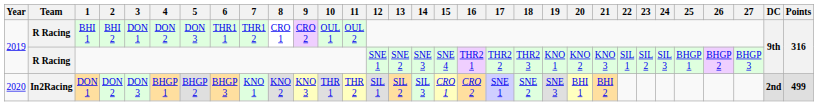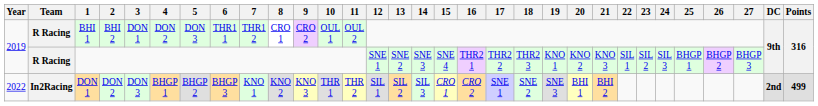 <table class="wikitable" style="text-align:center; font-size:85%">
 <tr>
 <th>Year</th>
 <th>Team</th>
 <th>1</th>
 <th>2</th>
 <th>3</th>
 <th>4</th>
 <th>5</th>
 <th>6</th>
 <th>7</th>
 <th>8</th>
 <th>9</th>
 <th>10</th>
 <th>11</th>
 <th>12</th>
 <th>13</th>
 <th>14</th>
 <th>15</th>
 <th>16</th>
 <th>17</th>
 <th>18</th>
 <th>19</th>
 <th>20</th>
 <th>21</th>
 <th>22</th>
 <th>23</th>
 <th>24</th>
 <th>25</th>
 <th>26</th>
 <th>27</th>
 <th>DC</th>
 <th>Points</th>
 </tr>
 <tr>
 <td rowspan=2><a href='#'>2019</a></td>
 <th nowrap>R Racing</th>
 <td style="background:#DFFFDF;"><a href='#'>BHI<br>1</a><br></td>
 <td style="background:#DFFFDF;"><a href='#'>BHI<br>2</a><br></td>
 <td style="background:#DFFFDF;"><a href='#'>DON<br>1</a><br></td>
 <td style="background:#DFFFDF;"><a href='#'>DON<br>2</a><br></td>
 <td style="background:#DFFFDF;"><a href='#'>DON<br>3</a><br></td>
 <td style="background:#DFFFDF"><a href='#'>THR1<br>1</a><br></td>
 <td style="background:#DFFFDF;"><a href='#'>THR1<br>2</a><br></td>
 <td style="background:#FFFFFF;"><a href='#'>CRO<br>1</a><br></td>
 <td style="background:#EFCFFF;"><a href='#'>CRO<br>2</a><br></td>
 <td style="background:#DFFFDF;"><a href='#'>OUL<br>1</a><br></td>
 <td style="background:#DFFFDF;"><a href='#'>OUL<br>2</a><br></td>
 <td colspan=16></td>
 <th rowspan="2">9th</th>
 <th rowspan="2">316</th>
 </tr>
 <tr>
 <th nowrap>R Racing</th>
 <td colspan=11></td>
 <td style="background:#DFFFDF;"><a href='#'>SNE<br>1</a><br></td>
 <td style="background:#DFFFDF;"><a href='#'>SNE<br>2</a><br></td>
 <td style="background:#DFFFDF;"><a href='#'>SNE<br>3</a><br></td>
 <td style="background:#DFFFDF;"><a href='#'>SNE<br>4</a><br></td>
 <td style="background:#EFCFFF;"><a href='#'>THR2<br>1</a><br></td>
 <td style="background:#DFFFDF;"><a href='#'>THR2<br>2</a><br></td>
 <td style="background:#DFFFDF;"><a href='#'>THR2<br>3</a><br></td>
 <td style="background:#DFFFDF;"><a href='#'>KNO<br>1</a><br></td>
 <td style="background:#DFFFDF;"><a href='#'>KNO<br>2</a><br></td>
 <td style="background:#DFFFDF;"><a href='#'>KNO<br>3</a><br></td>
 <td style="background:#DFFFDF;"><a href='#'>SIL<br>1</a><br></td>
 <td style="background:#DFFFDF;"><a href='#'>SIL<br>2</a><br></td>
 <td style="background:#DFFFDF;"><a href='#'>SIL<br>3</a><br></td>
 <td style="background:#DFFFDF;"><a href='#'>BHGP<br>1</a><br></td>
 <td style="background:#EFCFFF;"><a href='#'>BHGP<br>2</a><br></td>
 <td style="background:#DFFFDF;"><a href='#'>BHGP<br>3</a><br></td>
 </tr>
 <tr>
-<td><a href='#'>2020</a></td>
+<td><a href='#'>2022</a></td>
 <th nowrap>In2Racing</th>
 <td style="background:#FFDF9F;"><a href='#'>DON<br>1</a><br></td>
 <td style="background:#DFFFDF;"><a href='#'>DON<br>2</a><br></td>
 <td style="background:#DFFFDF;"><a href='#'>DON<br>3</a><br></td>
 <td style="background:#FFDF9F;"><a href='#'>BHGP<br>1</a><br></td>
 <td style="background:#DFDFDF;"><a href='#'>BHGP<br>2</a><br></td>
 <td style="background:#FFDF9F;"><a href='#'>BHGP<br>3</a><br></td>
 <td style="background:#DFFFDF;"><a href='#'>KNO<br>1</a><br></td>
 <td style="background:#DFDFDF;"><a href='#'>KNO<br>2</a><br></td>
 <td style="background:#FFFFBF;"><a href='#'>KNO<br>3</a><br></td>
 <td style="background:#DFDFDF;"><a href='#'>THR<br>1</a><br></td>
 <td style="background:#FFFFBF;"><a href='#'>THR<br>2</a><br></td>
 <td style="background:#DFDFDF;"><a href='#'>SIL<br>1</a><br></td>
 <td style="background:#FFDF9F;"><a href='#'>SIL<br>2</a><br></td>
 <td style="background:#DFFFDF;"><a href='#'>SIL<br>3</a><br></td>
 <td style="background:#FFFFBF;"><em><a href='#'>CRO<br>1</a></em><br></td>
 <td style="background:#FFDF9F;"><em><a href='#'>CRO<br>2</a></em><br></td>
 <td style="background:#CFCFFF;"><a href='#'>SNE<br>1</a><br></td>
 <td style="background:#DFFFDF;"><a href='#'>SNE<br>2</a><br></td>
 <td style="background:#DFDFDF;"><a href='#'>SNE<br>3</a><br></td>
 <td style="background:#FFFFBF;"><a href='#'>BHI<br>1</a><br></td>
 <td style="background:#FFDF9F;"><a href='#'>BHI<br>2</a><br></td>
 <td></td>
 <td></td>
 <td></td>
 <td></td>
 <td></td>
 <td></td>
 <th style="background:#DFDFDF;">2nd</th>
 <th style="background:#DFDFDF;">499</th>
 </tr>
 </table>
